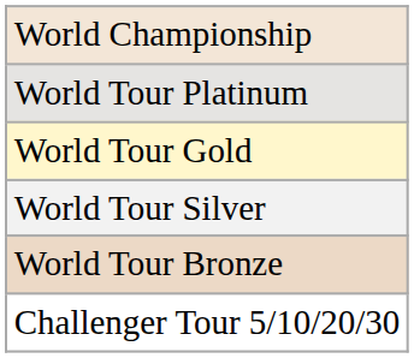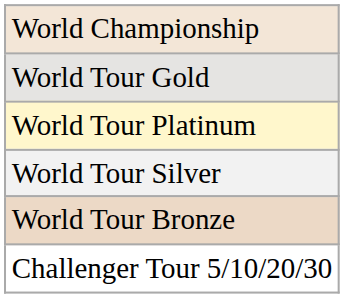 <table class=wikitable style=float:left;font-size:90%>
 <tr style="background:#F3E6D7;">
 <td>World Championship</td>
 </tr>
 <tr style="background:#E5E4E2;">
-<td>World Tour Platinum</td>
+<td>World Tour Gold</td>
 </tr>
 <tr style="background:#fff7cc;">
-<td>World Tour Gold</td>
+<td>World Tour Platinum</td>
 </tr>
 <tr style="background:#f2f2f2;">
 <td>World Tour Silver</td>
 </tr>
 <tr style="background:#ecd9c6;">
 <td>World Tour Bronze</td>
 </tr>
 <tr style="background:#fff;">
 <td>Challenger Tour 5/10/20/30</td>
 </tr>
 </table>
